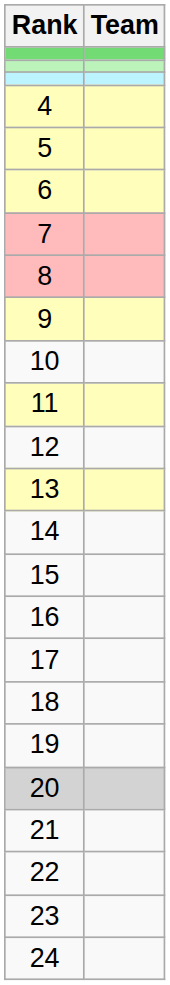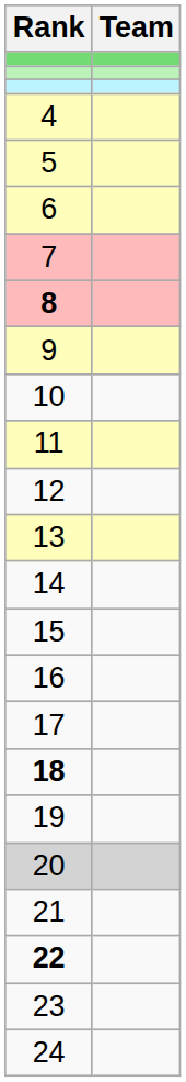 <table class="wikitable">
 <tr>
 <th width=40>Rank</th>
 <th>Team</th>
 </tr>
 <tr bgcolor=#73DB73>
 <td align=center></td>
 <td></td>
 </tr>
 <tr bgcolor=#BBF3BB>
 <td align=center></td>
 <td></td>
 </tr>
 <tr bgcolor=#BBF3FF>
 <td align=center></td>
 <td></td>
 </tr>
 <tr bgcolor=#FFFFBB>
 <td align=center>4</td>
 <td></td>
 </tr>
 <tr bgcolor=#FFFFBB>
 <td align=center>5</td>
 <td></td>
 </tr>
 <tr bgcolor=#FFFFBB>
 <td align=center>6</td>
 <td></td>
 </tr>
 <tr bgcolor=#FFBBBB>
 <td align=center>7</td>
 <td></td>
 </tr>
 <tr bgcolor=#FFBBBB>
-<td align=center>8</td>
+<td align=center><strong>8</strong></td>
 <td></td>
 </tr>
 <tr bgcolor=#FFFFBB>
 <td align=center>9</td>
 <td></td>
 </tr>
 <tr>
 <td align=center>10</td>
 <td></td>
 </tr>
 <tr bgcolor=#FFFFBB>
 <td align=center>11</td>
 <td></td>
 </tr>
 <tr>
 <td align=center>12</td>
 <td></td>
 </tr>
 <tr bgcolor=#FFFFBB>
 <td align=center>13</td>
 <td></td>
 </tr>
 <tr>
 <td align=center>14</td>
 <td></td>
 </tr>
 <tr>
 <td align=center>15</td>
 <td></td>
 </tr>
 <tr>
 <td align=center>16</td>
 <td></td>
 </tr>
 <tr>
 <td align=center>17</td>
 <td></td>
 </tr>
 <tr>
-<td align=center>18</td>
+<td align=center><strong>18</strong></td>
 <td></td>
 </tr>
 <tr>
 <td align=center>19</td>
 <td></td>
 </tr>
 <tr bgcolor=lightgrey>
 <td align=center>20</td>
 <td></td>
 </tr>
 <tr>
 <td align=center>21</td>
 <td></td>
 </tr>
 <tr>
-<td align=center>22</td>
+<td align=center><strong>22</strong></td>
 <td></td>
 </tr>
 <tr>
 <td align=center>23</td>
 <td></td>
 </tr>
 <tr>
 <td align=center>24</td>
 <td></td>
 </tr>
 </table>
